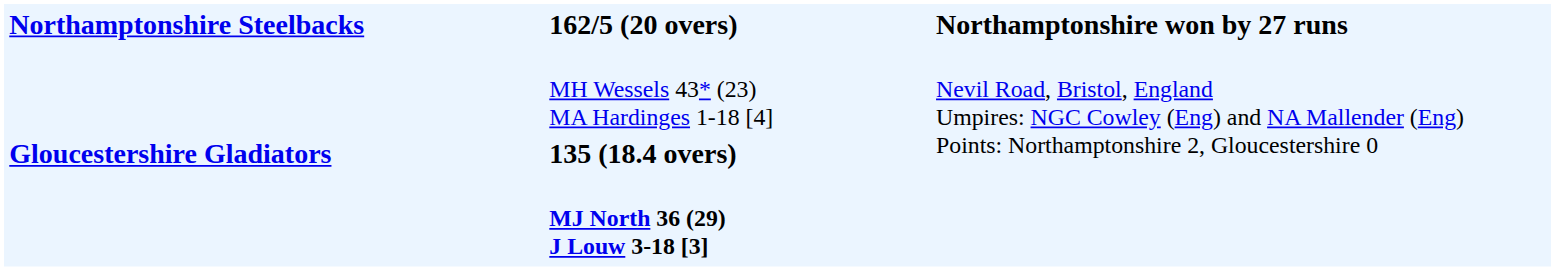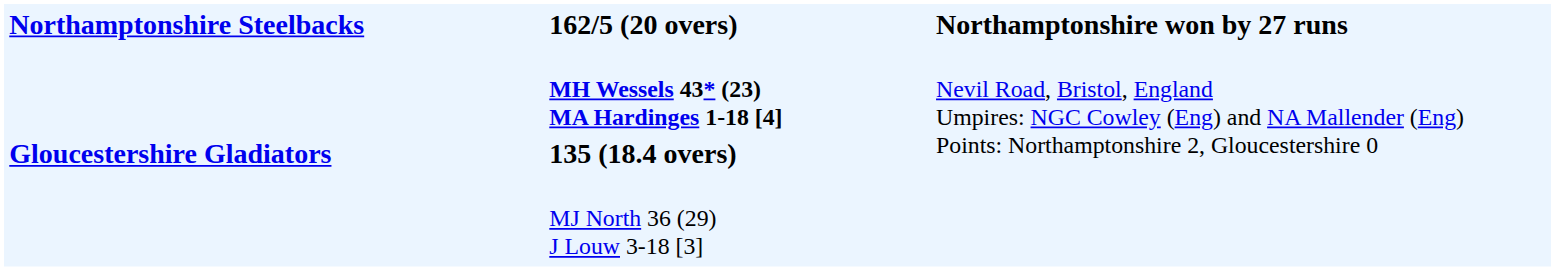 <table style="width:100%; background:#ebf5ff;">
 <tr>
 <td style="width:35%; vertical-align:top;" rowspan="2"><strong><a href='#'>Northamptonshire Steelbacks</a></strong></td>
 <td style="width:25%;"><strong>162/5 (20 overs)</strong></td>
 <td style="width:40%;"><strong>Northamptonshire won by 27 runs</strong></td>
 </tr>
 <tr>
-<td style="font-size: 85%;"><br><a href='#'>MH Wessels</a> 43<a href='#'>*</a> (23)<br> <a href='#'>MA Hardinges</a> 1-18 [4]</td>
+<td style="font-size: 85%;"><strong><br><a href='#'>MH Wessels</a> 43<a href='#'>*</a> (23)<br> <a href='#'>MA Hardinges</a> 1-18 [4]</strong></td>
 <td style="vertical-align:top; font-size:85%;" rowspan="3"><br><a href='#'>Nevil Road</a>, <a href='#'>Bristol</a>, <a href='#'>England</a><br> Umpires: <a href='#'>NGC Cowley</a> (<a href='#'>Eng</a>) and <a href='#'>NA Mallender</a> (<a href='#'>Eng</a>)<br> Points: Northamptonshire 2, Gloucestershire 0</td>
 </tr>
 <tr>
 <td style="vertical-align:top;" rowspan="2"><strong><a href='#'>Gloucestershire Gladiators</a></strong></td>
 <td><strong>135 (18.4 overs)</strong></td>
 </tr>
 <tr>
-<td style="font-size: 85%;"><strong><br><a href='#'>MJ North</a> 36 (29)<br> <a href='#'>J Louw</a> 3-18 [3]</strong></td>
+<td style="font-size: 85%;"><br><a href='#'>MJ North</a> 36 (29)<br> <a href='#'>J Louw</a> 3-18 [3]</td>
 </tr>
 </table>
